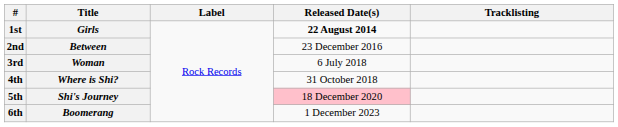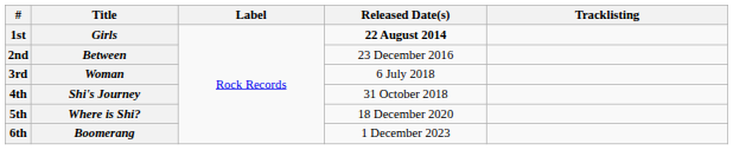 <table class="wikitable">
 <tr>
 <th align="left" width="25px">#</th>
 <th align="left" width="180px">Title</th>
 <th align="left" width="180px">Label</th>
 <th align="left" width="200px">Released Date(s)</th>
 <th align="left" width="300px">Tracklisting</th>
 </tr>
 <tr align="center">
 <th>1st</th>
 <th><em>Girls</em></th>
 <td rowspan="6"><a href='#'>Rock Records</a></td>
 <td><strong>22 August 2014</strong></td>
 <td><br> </td>
 </tr>
 <tr align="center">
 <th>2nd</th>
 <th><em>Between</em></th>
 <td>23 December 2016</td>
 <td></td>
 </tr>
 <tr align="center">
 <th>3rd</th>
 <th><em>Woman</em></th>
 <td>6 July 2018</td>
 <td></td>
 </tr>
 <tr align="center">
 <th>4th</th>
-<th><em>Where is Shi?</em></th>
+<th><em>Shi's Journey</em></th>
 <td>31 October 2018</td>
 <td></td>
 </tr>
 <tr align="center">
 <th>5th</th>
-<th><em>Shi's Journey</em></th>
-<td style="background: pink;">18 December 2020</td>
+<th><em>Where is Shi?</em></th>
+<td>18 December 2020</td>
 <td></td>
 </tr>
 <tr align="center">
 <th>6th</th>
 <th><em>Boomerang</em></th>
 <td>1 December 2023</td>
 <td></td>
 </tr>
 </table>
